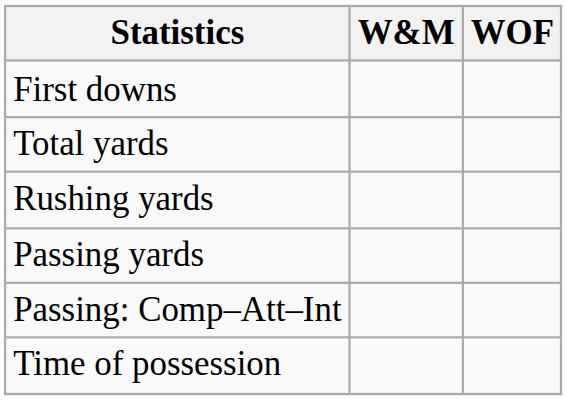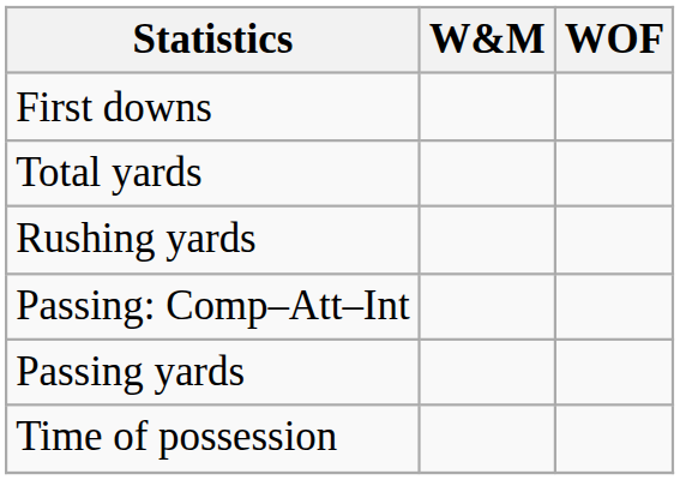 <table class="wikitable" style="float: left;">
 <tr>
 <th>Statistics</th>
 <th>W&M</th>
 <th>WOF</th>
 </tr>
 <tr>
 <td>First downs</td>
 <td></td>
 <td></td>
 </tr>
 <tr>
 <td>Total yards</td>
 <td></td>
 <td></td>
 </tr>
 <tr>
 <td>Rushing yards</td>
 <td></td>
 <td></td>
 </tr>
 <tr>
-<td>Passing yards</td>
+<td>Passing: Comp–Att–Int</td>
 <td></td>
 <td></td>
 </tr>
 <tr>
-<td>Passing: Comp–Att–Int</td>
+<td>Passing yards</td>
 <td></td>
 <td></td>
 </tr>
 <tr>
 <td>Time of possession</td>
 <td></td>
 <td></td>
 </tr>
 <tr>
 </tr>
 </table>
